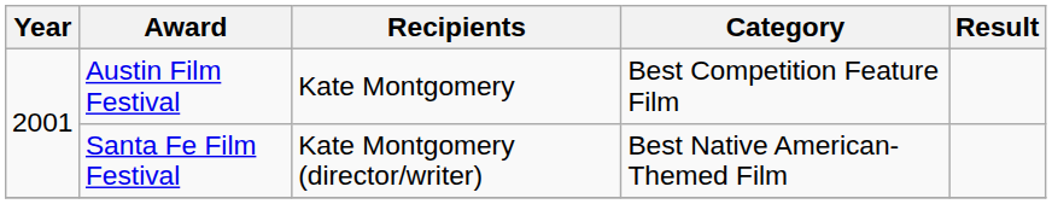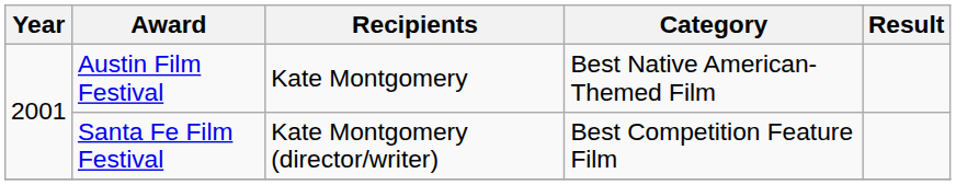 <table class="wikitable">
 <tr>
 <th>Year</th>
 <th>Award</th>
 <th>Recipients</th>
 <th>Category</th>
 <th>Result</th>
 </tr>
 <tr>
 <td rowspan="2">2001</td>
 <td><a href='#'>Austin Film Festival</a></td>
 <td>Kate Montgomery</td>
-<td>Best Competition Feature Film</td>
+<td>Best Native American-Themed Film</td>
 <td></td>
 </tr>
 <tr>
 <td><a href='#'>Santa Fe Film Festival</a></td>
 <td>Kate Montgomery (director/writer)</td>
-<td>Best Native American-Themed Film</td>
+<td>Best Competition Feature Film</td>
 <td></td>
 </tr>
 <tr>
 </tr>
 </table>
